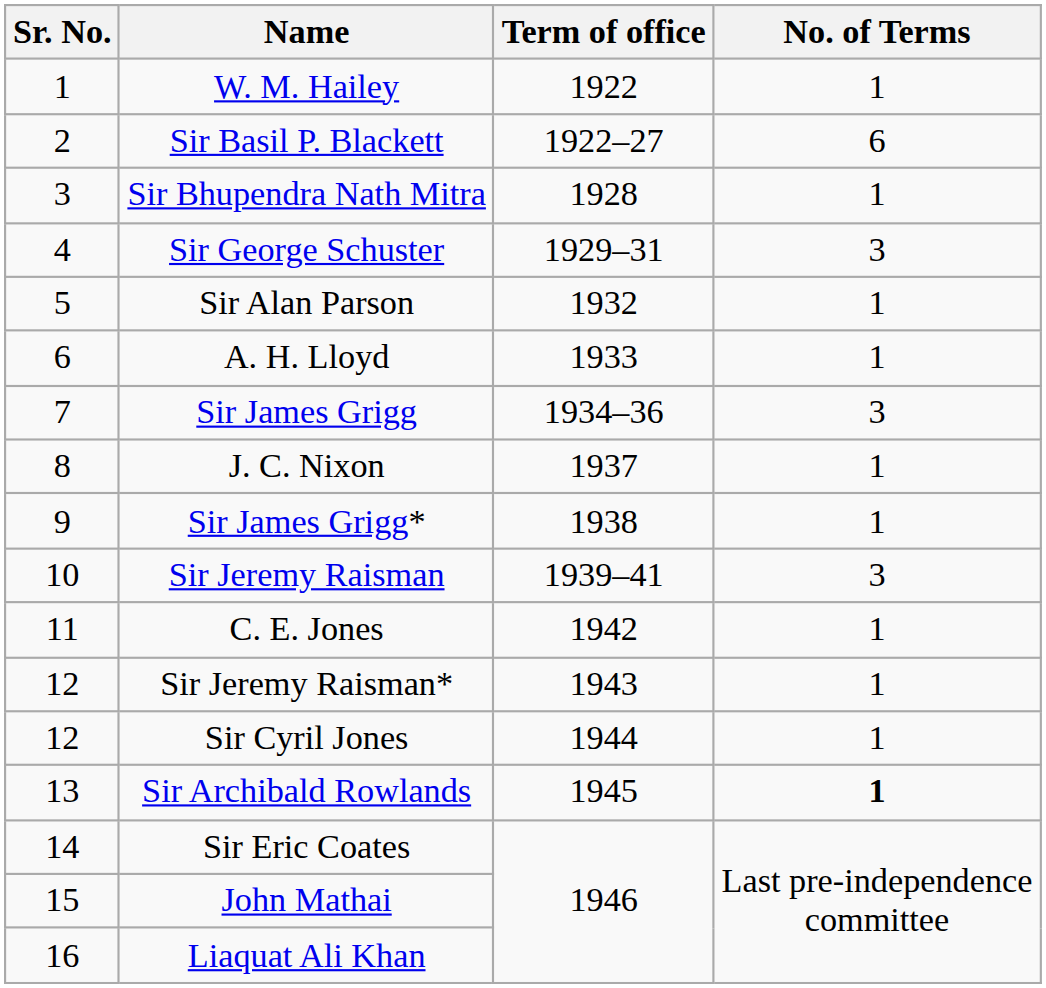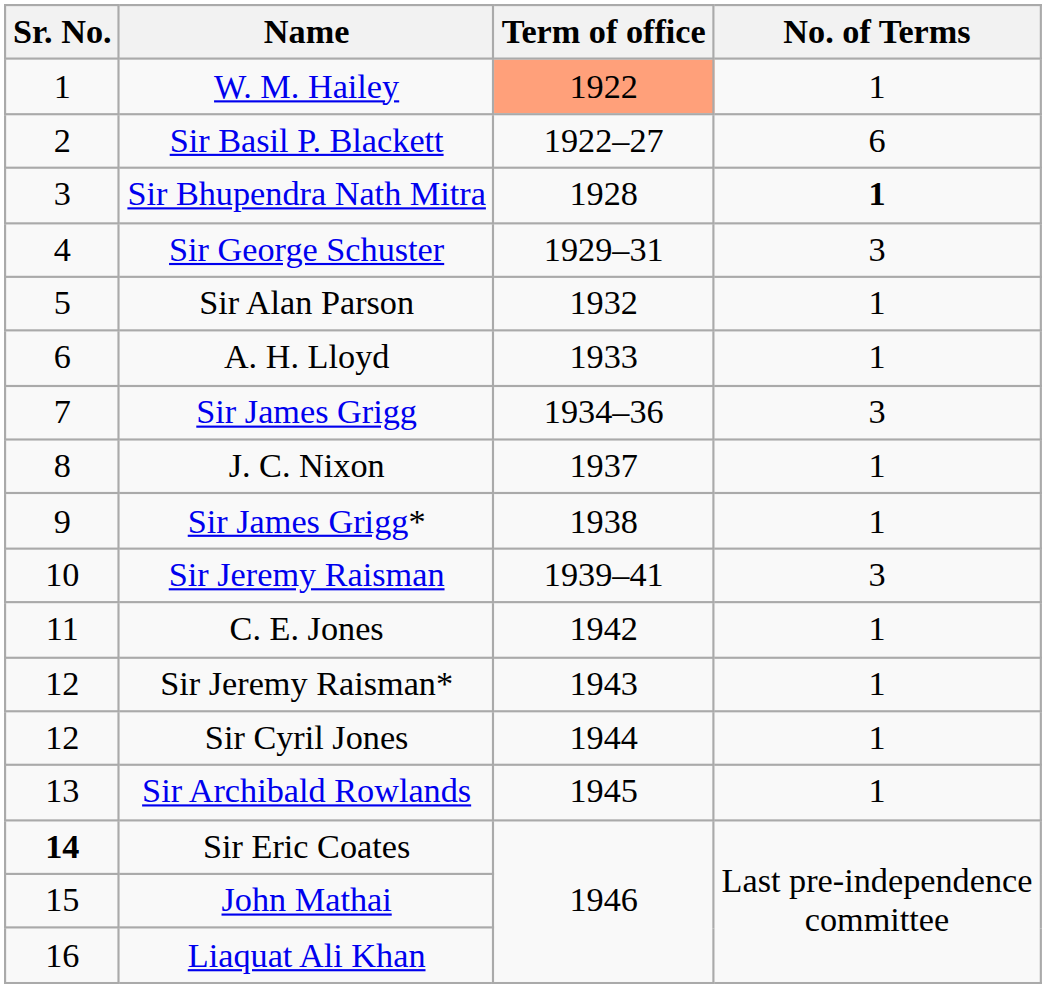 <table class="wikitable">
 <tr>
 <th>Sr. No.</th>
 <th>Name</th>
 <th>Term of office</th>
 <th>No. of Terms</th>
 </tr>
 <tr align=center>
 <td>1</td>
 <td><a href='#'>W. M. Hailey</a></td>
-<td>1922</td>
+<td style="background: lightsalmon;">1922</td>
 <td>1</td>
 </tr>
 <tr align=center>
 <td>2</td>
 <td><a href='#'>Sir Basil P. Blackett</a></td>
 <td>1922–27</td>
 <td>6</td>
 </tr>
 <tr align=center>
 <td>3</td>
 <td><a href='#'>Sir Bhupendra Nath Mitra</a></td>
 <td>1928</td>
-<td>1</td>
+<td><strong>1</strong></td>
 </tr>
 <tr align=center>
 <td>4</td>
 <td><a href='#'>Sir George Schuster</a></td>
 <td>1929–31</td>
 <td>3</td>
 </tr>
 <tr align=center>
 <td>5</td>
 <td>Sir Alan Parson</td>
 <td>1932</td>
 <td>1</td>
 </tr>
 <tr align=center>
 <td>6</td>
 <td>A. H. Lloyd</td>
 <td>1933</td>
 <td>1</td>
 </tr>
 <tr align=center>
 <td>7</td>
 <td><a href='#'>Sir James Grigg</a></td>
 <td>1934–36</td>
 <td>3</td>
 </tr>
 <tr align=center>
 <td>8</td>
 <td>J. C. Nixon</td>
 <td>1937</td>
 <td>1</td>
 </tr>
 <tr align=center>
 <td>9</td>
 <td><a href='#'>Sir James Grigg</a>*</td>
 <td>1938</td>
 <td>1</td>
 </tr>
 <tr align=center>
 <td>10</td>
 <td><a href='#'>Sir Jeremy Raisman</a></td>
 <td>1939–41</td>
 <td>3</td>
 </tr>
 <tr align=center>
 <td>11</td>
 <td>C. E. Jones</td>
 <td>1942</td>
 <td>1</td>
 </tr>
 <tr align=center>
 <td>12</td>
 <td>Sir Jeremy Raisman*</td>
 <td>1943</td>
 <td>1</td>
 </tr>
 <tr align=center>
 <td>12</td>
 <td>Sir Cyril Jones</td>
 <td>1944</td>
 <td>1</td>
 </tr>
 <tr align=center>
 <td>13</td>
 <td><a href='#'>Sir Archibald Rowlands</a></td>
 <td>1945</td>
-<td><strong>1</strong></td>
+<td>1</td>
 </tr>
 <tr align=center>
-<td>14</td>
+<td><strong>14</strong></td>
 <td>Sir Eric Coates</td>
 <td rowspan=3>1946</td>
 <td rowspan="3">Last pre-independence<br>committee</td>
 </tr>
 <tr align=center>
 <td>15</td>
 <td><a href='#'>John Mathai</a></td>
 </tr>
 <tr align=center>
 <td>16</td>
 <td><a href='#'>Liaquat Ali Khan</a></td>
 </tr>
 </table>
